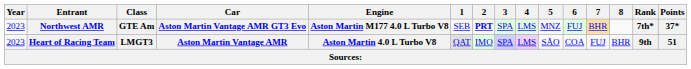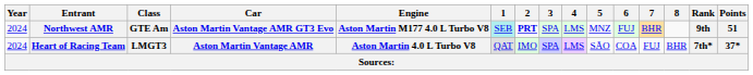 <table class="wikitable" style="text-align:center; font-size:85%">
 <tr>
 <th>Year</th>
 <th>Entrant</th>
 <th>Class</th>
 <th>Car</th>
 <th>Engine</th>
 <th>1</th>
 <th>2</th>
 <th>3</th>
 <th>4</th>
 <th>5</th>
 <th>6</th>
 <th>7</th>
 <th>8</th>
 <th>Rank</th>
 <th>Points</th>
 </tr>
 <tr>
-<td><a href='#'>2023</a></td>
+<td><a href='#'>2024</a></td>
 <th nowrap><a href='#'>Northwest AMR</a></th>
 <th nowrap>GTE Am</th>
 <th nowrap><a href='#'>Aston Martin Vantage AMR GT3 Evo</a></th>
 <th nowrap><a href='#'>Aston Martin</a> M177 4.0 L Turbo V8</th>
-<td><a href='#'>SEB</a></td>
+<td style="background: paleturquoise;"><a href='#'>SEB</a></td>
 <td><strong><a href='#'>PRT</a></strong></td>
 <td style="background:#dfffdf;"><a href='#'>SPA</a><br></td>
 <td style="background:#dfffdf;"><a href='#'>LMS</a><br></td>
 <td><a href='#'>MNZ</a></td>
 <td style="background:#dfffdf;"><a href='#'>FUJ</a><br></td>
 <td style="background:#ffdf9f;"><a href='#'>BHR</a><br></td>
 <td></td>
-<th>7th*</th>
-<th>37*</th>
+<th>9th</th>
+<th>51</th>
 </tr>
 <tr>
-<td><a href='#'>2023</a></td>
+<td><a href='#'>2024</a></td>
 <th nowrap><a href='#'>Heart of Racing Team</a></th>
 <th>LMGT3</th>
 <th nowrap><a href='#'>Aston Martin Vantage AMR</a></th>
 <th nowrap><a href='#'>Aston Martin</a> 4.0 L Turbo V8</th>
 <td style="background:#DFDFDF;"><a href='#'>QAT</a><br></td>
 <td style="background:#dfffdf;"><a href='#'>IMO</a><br></td>
 <td style="background:#CFCFFF;”"><a href='#'>SPA</a><br></td>
 <td style="background:#EFCFFF;"><a href='#'>LMS</a><br></td>
 <td style="background:#;"><a href='#'>SÃO</a></td>
 <td style="background:#;"><a href='#'>COA</a></td>
 <td style="background:#;"><a href='#'>FUJ</a></td>
 <td style="background:#;"><a href='#'>BHR</a></td>
-<th>9th</th>
-<th>51</th>
+<th>7th*</th>
+<th>37*</th>
 </tr>
 <tr>
 <th colspan="15">Sources:</th>
 </tr>
 </table>
